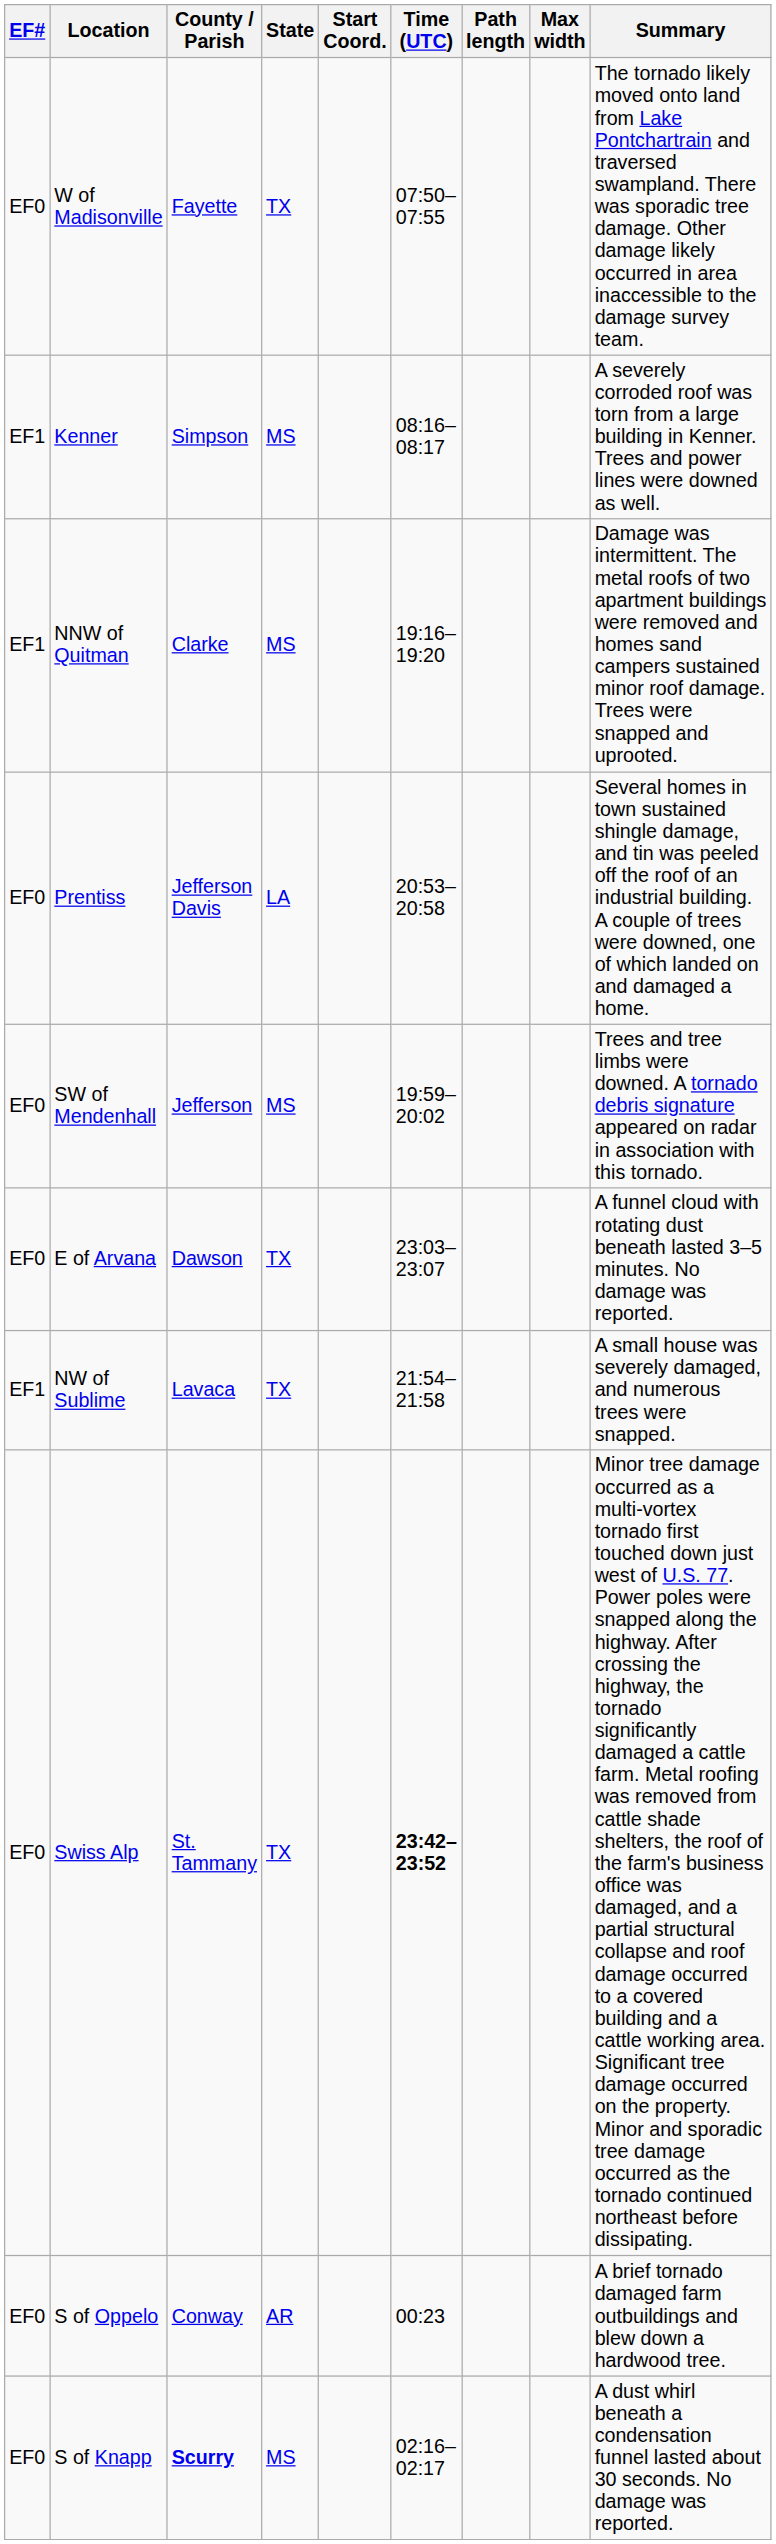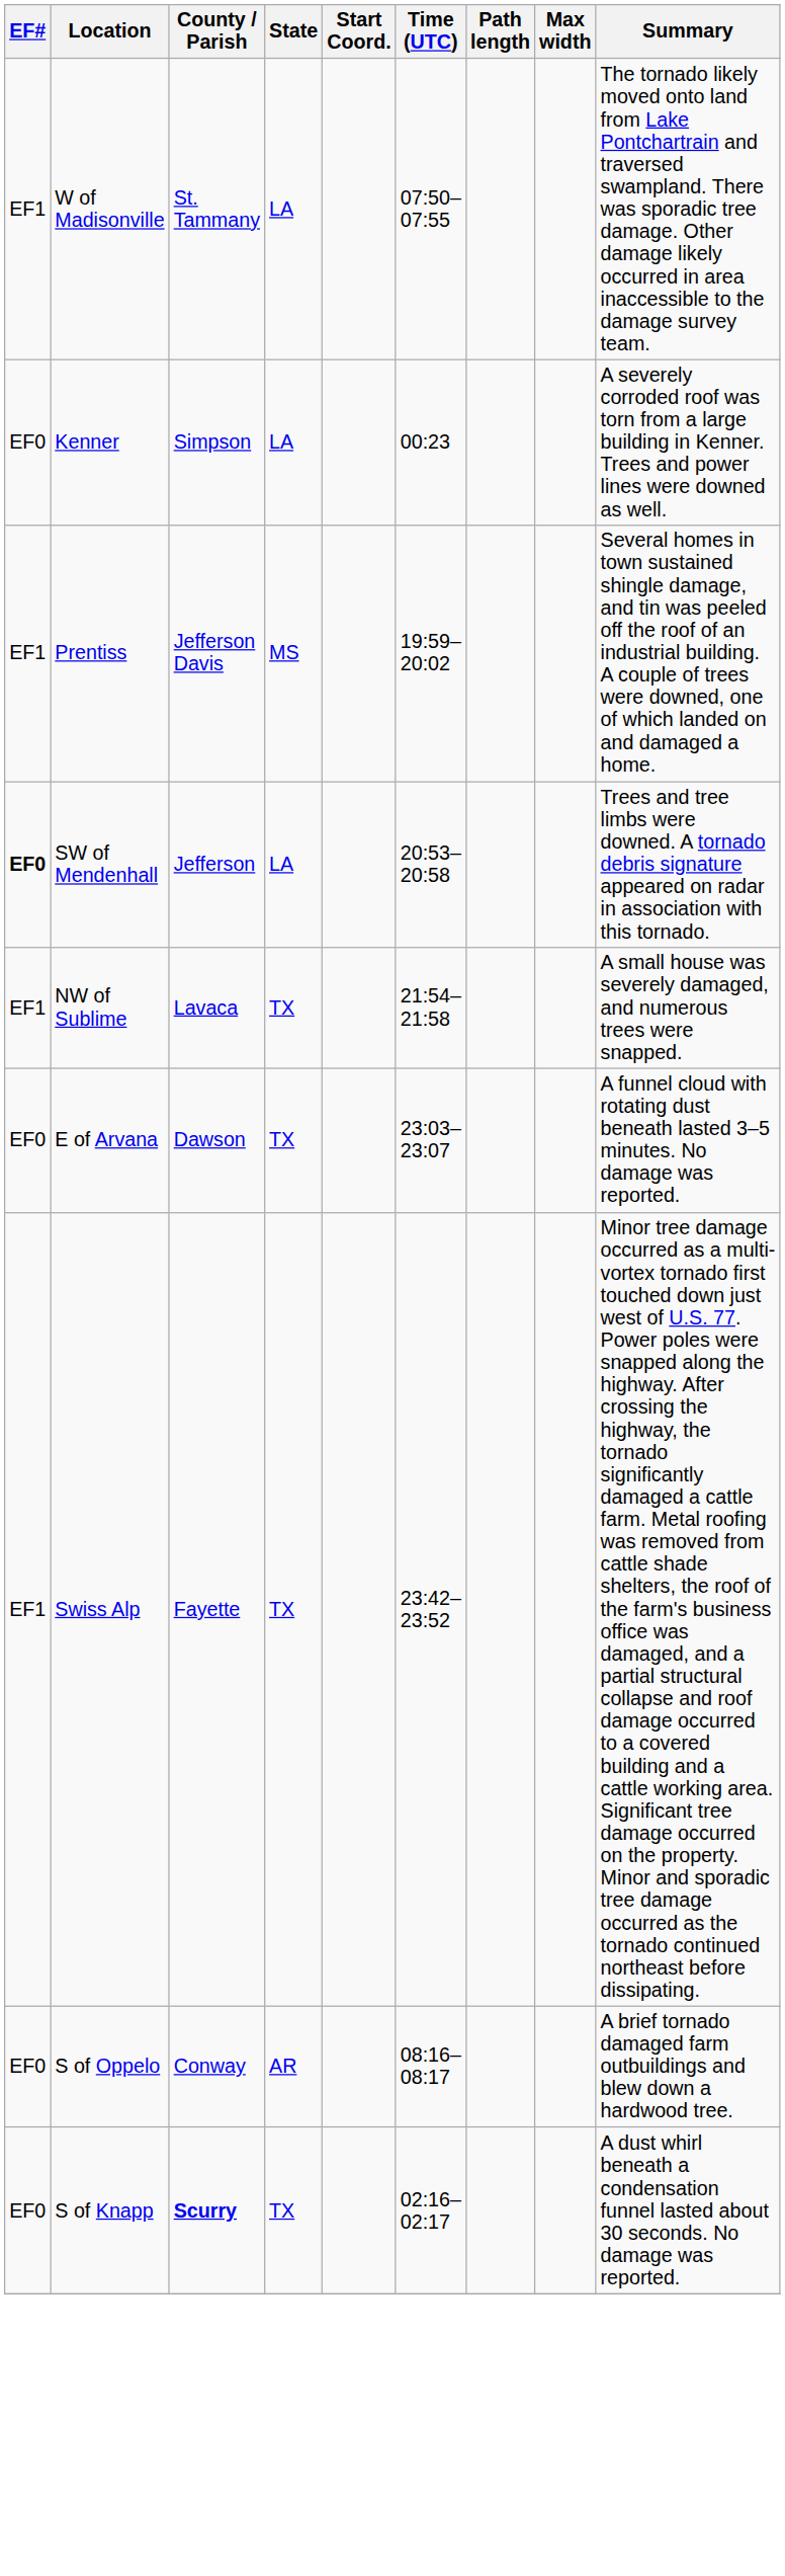 <table class="wikitable sortable" style="width:100%;">
 <tr>
 <th scope="col"  style="width:3%; text-align:center;"><a href='#'>EF#</a></th>
 <th scope="col"  style="width:7%; text-align:center;" class="unsortable">Location</th>
 <th scope="col"  style="width:6%; text-align:center;" class="unsortable">County / Parish</th>
 <th scope="col"  style="width:5%; text-align:center;">State</th>
 <th scope="col"  style="width:6%; text-align:center;">Start Coord.</th>
 <th scope="col"  style="width:6%; text-align:center;">Time (<a href='#'>UTC</a>)</th>
 <th scope="col"  style="width:6%; text-align:center;">Path length</th>
 <th scope="col"  style="width:6%; text-align:center;">Max width</th>
 <th scope="col" class="unsortable" style="width:48%; text-align:center;">Summary</th>
 </tr>
 <tr>
-<td>EF0</td>
+<td>EF1</td>
 <td>W of <a href='#'>Madisonville</a></td>
-<td><a href='#'>Fayette</a></td>
-<td><a href='#'>TX</a></td>
+<td><a href='#'>St. Tammany</a></td>
+<td><a href='#'>LA</a></td>
 <td></td>
 <td>07:50–07:55</td>
 <td></td>
 <td></td>
 <td>The tornado likely moved onto land from <a href='#'>Lake Pontchartrain</a> and traversed swampland. There was sporadic tree damage. Other damage likely occurred in area inaccessible to the damage survey team.</td>
 </tr>
 <tr>
-<td>EF1</td>
+<td>EF0</td>
 <td><a href='#'>Kenner</a></td>
 <td><a href='#'>Simpson</a></td>
-<td><a href='#'>MS</a></td>
+<td><a href='#'>LA</a></td>
 <td></td>
-<td>08:16–08:17</td>
+<td>00:23</td>
 <td></td>
 <td></td>
 <td>A severely corroded roof was torn from a large building in Kenner. Trees and power lines were downed as well.</td>
 </tr>
 <tr>
 <td>EF1</td>
-<td>NNW of <a href='#'>Quitman</a></td>
-<td><a href='#'>Clarke</a></td>
+<td><a href='#'>Prentiss</a></td>
+<td><a href='#'>Jefferson Davis</a></td>
 <td><a href='#'>MS</a></td>
 <td></td>
-<td>19:16–19:20</td>
+<td>19:59–20:02</td>
 <td></td>
 <td></td>
-<td>Damage was intermittent. The metal roofs of two apartment buildings were removed and homes sand campers sustained minor roof damage. Trees were snapped and uprooted.</td>
+<td>Several homes in town sustained shingle damage, and tin was peeled off the roof of an industrial building. A couple of trees were downed, one of which landed on and damaged a home.</td>
 </tr>
 <tr>
-<td>EF0</td>
-<td><a href='#'>Prentiss</a></td>
-<td><a href='#'>Jefferson Davis</a></td>
+<td><strong>EF0</strong></td>
+<td>SW of <a href='#'>Mendenhall</a></td>
+<td><a href='#'>Jefferson</a></td>
 <td><a href='#'>LA</a></td>
 <td></td>
 <td>20:53–20:58</td>
 <td></td>
 <td></td>
-<td>Several homes in town sustained shingle damage, and tin was peeled off the roof of an industrial building. A couple of trees were downed, one of which landed on and damaged a home.</td>
+<td>Trees and tree limbs were downed. A <a href='#'>tornado debris signature</a> appeared on radar in association with this tornado.</td>
 </tr>
 <tr>
-<td>EF0</td>
-<td>SW of <a href='#'>Mendenhall</a></td>
-<td><a href='#'>Jefferson</a></td>
-<td><a href='#'>MS</a></td>
+<td>EF1</td>
+<td>NW of <a href='#'>Sublime</a></td>
+<td><a href='#'>Lavaca</a></td>
+<td><a href='#'>TX</a></td>
 <td></td>
-<td>19:59–20:02</td>
+<td>21:54–21:58</td>
 <td></td>
 <td></td>
-<td>Trees and tree limbs were downed. A <a href='#'>tornado debris signature</a> appeared on radar in association with this tornado.</td>
+<td>A small house was severely damaged, and numerous trees were snapped.</td>
 </tr>
 <tr>
 <td>EF0</td>
 <td>E of <a href='#'>Arvana</a></td>
 <td><a href='#'>Dawson</a></td>
 <td><a href='#'>TX</a></td>
 <td></td>
 <td>23:03–23:07</td>
 <td></td>
 <td></td>
 <td>A funnel cloud with rotating dust beneath lasted 3–5 minutes. No damage was reported.</td>
 </tr>
 <tr>
 <td>EF1</td>
-<td>NW of <a href='#'>Sublime</a></td>
-<td><a href='#'>Lavaca</a></td>
+<td><a href='#'>Swiss Alp</a></td>
+<td><a href='#'>Fayette</a></td>
 <td><a href='#'>TX</a></td>
 <td></td>
-<td>21:54–21:58</td>
-<td></td>
-<td></td>
-<td>A small house was severely damaged, and numerous trees were snapped.</td>
-</tr>
-<tr>
-<td>EF0</td>
-<td><a href='#'>Swiss Alp</a></td>
-<td><a href='#'>St. Tammany</a></td>
-<td><a href='#'>TX</a></td>
-<td></td>
-<td><strong>23:42–23:52</strong></td>
+<td>23:42–23:52</td>
 <td></td>
 <td></td>
 <td>Minor tree damage occurred as a multi-vortex tornado first touched down just west of <a href='#'>U.S. 77</a>. Power poles were snapped along the highway. After crossing the highway, the tornado significantly damaged a cattle farm. Metal roofing was removed from cattle shade shelters, the roof of the farm's business office was damaged, and a partial structural collapse and roof damage occurred to a covered building and a cattle working area. Significant tree damage occurred on the property. Minor and sporadic tree damage occurred as the tornado continued northeast before dissipating.</td>
 </tr>
 <tr>
 <td>EF0</td>
 <td>S of <a href='#'>Oppelo</a></td>
 <td><a href='#'>Conway</a></td>
 <td><a href='#'>AR</a></td>
 <td></td>
-<td>00:23</td>
+<td>08:16–08:17</td>
 <td></td>
 <td></td>
 <td>A brief tornado damaged farm outbuildings and blew down a hardwood tree.</td>
 </tr>
 <tr>
 <td>EF0</td>
 <td>S of <a href='#'>Knapp</a></td>
 <td><strong><a href='#'>Scurry</a></strong></td>
-<td><a href='#'>MS</a></td>
+<td><a href='#'>TX</a></td>
 <td></td>
 <td>02:16–02:17</td>
 <td></td>
 <td></td>
 <td>A dust whirl beneath a condensation funnel lasted about 30 seconds. No damage was reported.</td>
 </tr>
 <tr>
 </tr>
 </table>
